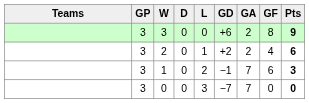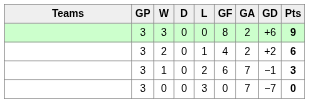 <table style=border-collapse:collapse border=1 cellspacing=0 cellpadding=5>
 <tr align=center bgcolor=#efefef>
 <th width=185>Teams</th>
 <th width=20>GP</th>
 <th width=20>W</th>
 <th width=20>D</th>
 <th width=20>L</th>
+<th width=20>GF</th>
+<th width=20>GA</th>
 <th width=20>GD</th>
-<th width=20>GA</th>
-<th width=20>GF</th>
 <th width=20>Pts<br></th>
 </tr>
 <tr align=center style="background:#ccffcc;">
 <td style="text-align:left;"><strong></strong></td>
 <td>3</td>
 <td>3</td>
 <td>0</td>
 <td>0</td>
+<td>8</td>
+<td>2</td>
 <td>+6</td>
-<td>2</td>
-<td>8</td>
 <td><strong>9</strong></td>
 </tr>
 <tr align=center>
 <td style="text-align:left;"></td>
 <td>3</td>
 <td>2</td>
 <td>0</td>
 <td>1</td>
+<td>4</td>
+<td>2</td>
 <td>+2</td>
-<td>2</td>
-<td>4</td>
 <td><strong>6</strong></td>
 </tr>
 <tr align=center>
 <td style="text-align:left;"></td>
 <td>3</td>
 <td>1</td>
 <td>0</td>
 <td>2</td>
+<td>6</td>
+<td>7</td>
 <td>−1</td>
-<td>7</td>
-<td>6</td>
 <td><strong>3</strong></td>
 </tr>
 <tr align=center>
 <td style="text-align:left;"></td>
 <td>3</td>
 <td>0</td>
 <td>0</td>
 <td>3</td>
+<td>0</td>
+<td>7</td>
 <td>−7</td>
-<td>7</td>
-<td>0</td>
 <td><strong>0</strong></td>
 </tr>
 </table>
